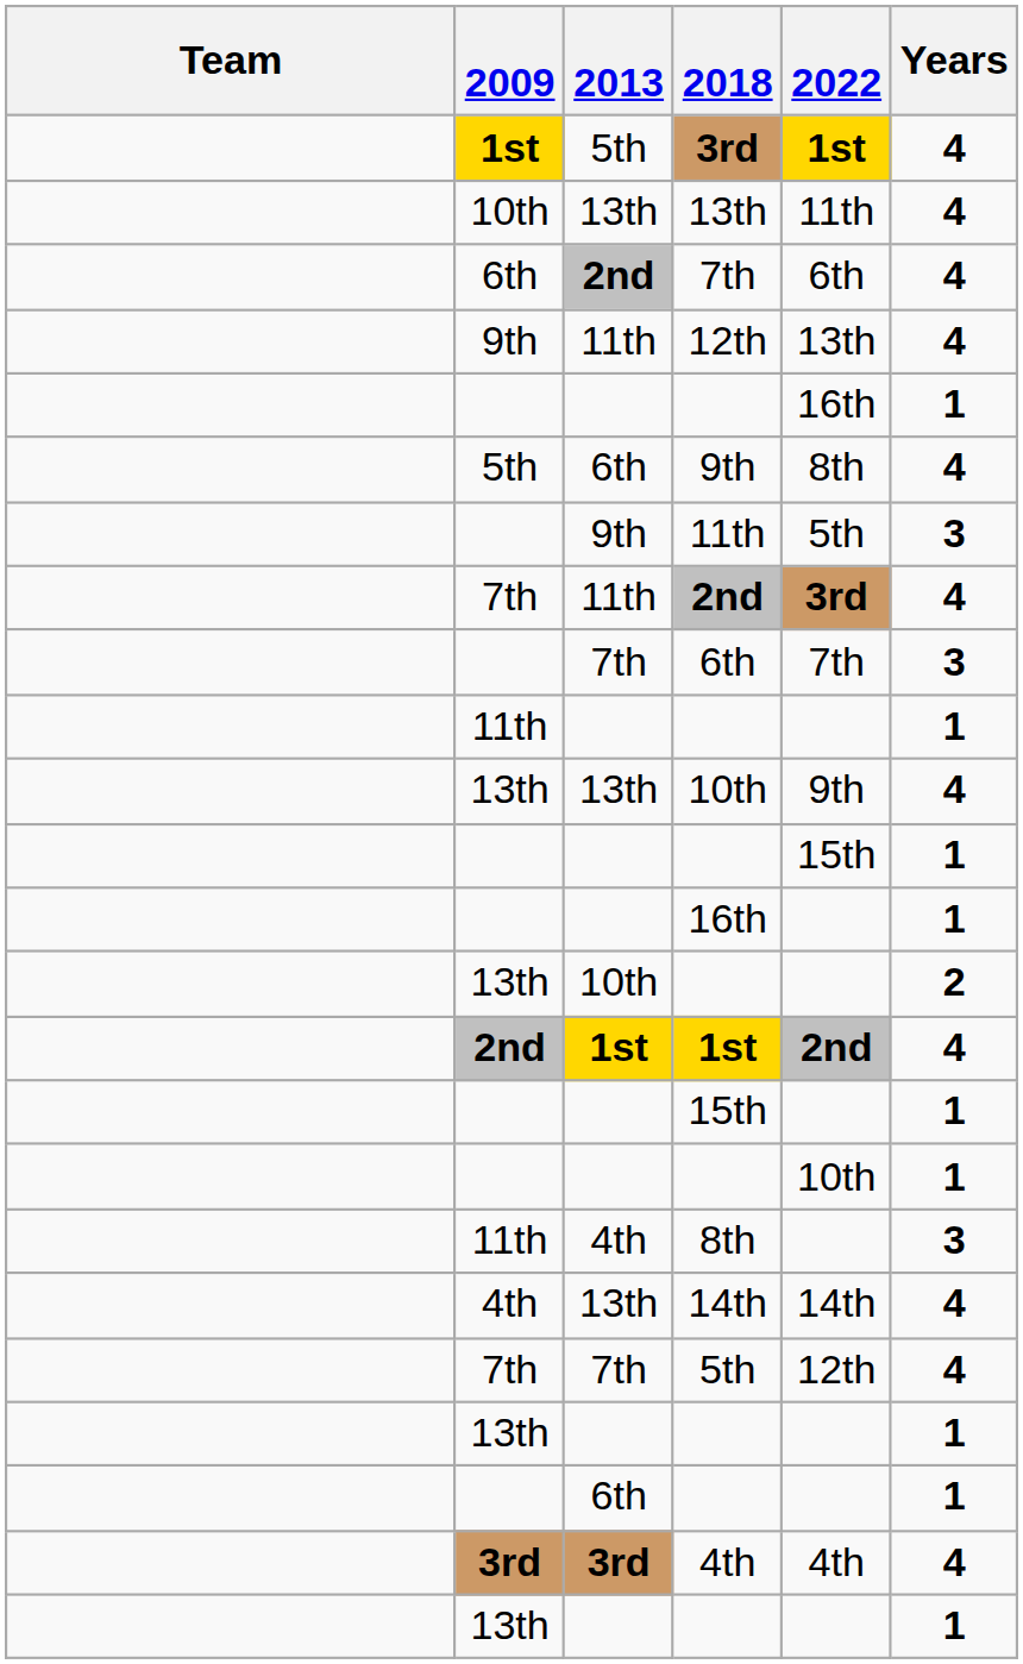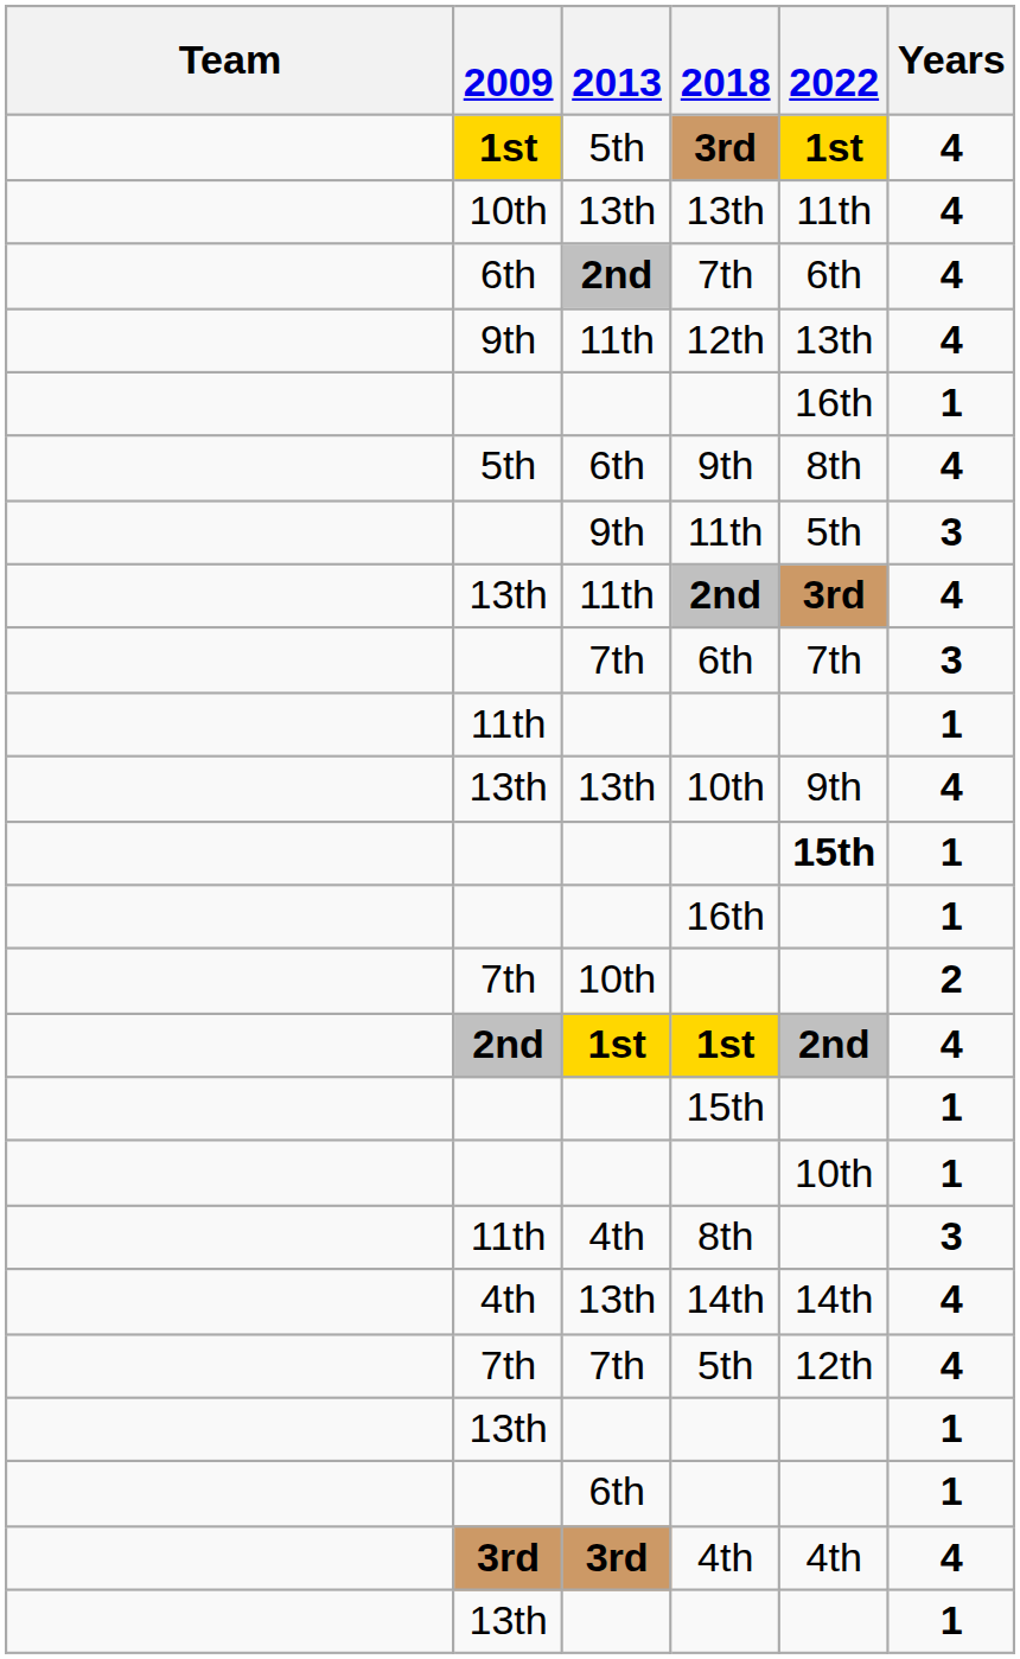 <table class="wikitable" style="text-align: center">
 <tr>
 <th width=170>Team</th>
 <th><br><a href='#'>2009</a></th>
 <th><br><a href='#'>2013</a></th>
 <th><br><a href='#'>2018</a></th>
 <th><br><a href='#'>2022</a></th>
 <th>Years</th>
 </tr>
 <tr>
 <td align=left></td>
 <td bgcolor=gold><strong>1st</strong></td>
 <td>5th</td>
 <td bgcolor=cc9966><strong>3rd</strong></td>
 <td bgcolor=gold><strong>1st</strong></td>
 <td><strong>4</strong></td>
 </tr>
 <tr>
 <td align=left></td>
 <td>10th</td>
 <td>13th</td>
 <td>13th</td>
 <td>11th</td>
 <td><strong>4</strong></td>
 </tr>
 <tr>
 <td align=left></td>
 <td>6th</td>
 <td bgcolor=silver><strong>2nd</strong></td>
 <td>7th</td>
 <td>6th</td>
 <td><strong>4</strong></td>
 </tr>
 <tr>
 <td align=left></td>
 <td>9th</td>
 <td>11th</td>
 <td>12th</td>
 <td>13th</td>
 <td><strong>4</strong></td>
 </tr>
 <tr>
 <td align=left></td>
 <td></td>
 <td></td>
 <td></td>
 <td>16th</td>
 <td><strong>1</strong></td>
 </tr>
 <tr>
 <td align=left></td>
 <td>5th</td>
 <td>6th</td>
 <td>9th</td>
 <td>8th</td>
 <td><strong>4</strong></td>
 </tr>
 <tr>
 <td align=left></td>
 <td></td>
 <td>9th</td>
 <td>11th</td>
 <td>5th</td>
 <td><strong>3</strong></td>
 </tr>
 <tr>
 <td align=left></td>
-<td>7th</td>
+<td>13th</td>
 <td>11th</td>
 <td bgcolor=silver><strong>2nd</strong></td>
 <td bgcolor=cc9966><strong>3rd</strong></td>
 <td><strong>4</strong></td>
 </tr>
 <tr>
 <td align=left></td>
 <td></td>
 <td>7th</td>
 <td>6th</td>
 <td>7th</td>
 <td><strong>3</strong></td>
 </tr>
 <tr>
 <td align=left></td>
 <td>11th</td>
 <td></td>
 <td></td>
 <td></td>
 <td><strong>1</strong></td>
 </tr>
 <tr>
 <td align=left></td>
 <td>13th</td>
 <td>13th</td>
 <td>10th</td>
 <td>9th</td>
 <td><strong>4</strong></td>
 </tr>
 <tr>
 <td align=left></td>
 <td></td>
 <td></td>
 <td></td>
-<td>15th</td>
+<td><strong>15th</strong></td>
 <td><strong>1</strong></td>
 </tr>
 <tr>
 <td align=left></td>
 <td></td>
 <td></td>
 <td>16th</td>
 <td></td>
 <td><strong>1</strong></td>
 </tr>
 <tr>
 <td align=left></td>
-<td>13th</td>
+<td>7th</td>
 <td>10th</td>
 <td></td>
 <td></td>
 <td><strong>2</strong></td>
 </tr>
 <tr>
 <td align=left></td>
 <td bgcolor=silver><strong>2nd</strong></td>
 <td bgcolor=gold><strong>1st</strong></td>
 <td bgcolor=gold><strong>1st</strong></td>
 <td bgcolor=silver><strong>2nd</strong></td>
 <td><strong>4</strong></td>
 </tr>
 <tr>
 <td align=left></td>
 <td></td>
 <td></td>
 <td>15th</td>
 <td></td>
 <td><strong>1</strong></td>
 </tr>
 <tr>
 <td align=left></td>
 <td></td>
 <td></td>
 <td></td>
 <td>10th</td>
 <td><strong>1</strong></td>
 </tr>
 <tr>
 <td align=left></td>
 <td>11th</td>
 <td>4th</td>
 <td>8th</td>
 <td></td>
 <td><strong>3</strong></td>
 </tr>
 <tr>
 <td align=left></td>
 <td>4th</td>
 <td>13th</td>
 <td>14th</td>
 <td>14th</td>
 <td><strong>4</strong></td>
 </tr>
 <tr>
 <td align=left></td>
 <td>7th</td>
 <td>7th</td>
 <td>5th</td>
 <td>12th</td>
 <td><strong>4</strong></td>
 </tr>
 <tr>
 <td align=left></td>
 <td>13th</td>
 <td></td>
 <td></td>
 <td></td>
 <td><strong>1</strong></td>
 </tr>
 <tr>
 <td align=left></td>
 <td></td>
 <td>6th</td>
 <td></td>
 <td></td>
 <td><strong>1</strong></td>
 </tr>
 <tr>
 <td align=left></td>
 <td bgcolor=cc9966><strong>3rd</strong></td>
 <td bgcolor=cc9966><strong>3rd</strong></td>
 <td>4th</td>
 <td>4th</td>
 <td><strong>4</strong></td>
 </tr>
 <tr>
 <td align=left></td>
 <td>13th</td>
 <td></td>
 <td></td>
 <td></td>
 <td><strong>1</strong></td>
 </tr>
 </table>
